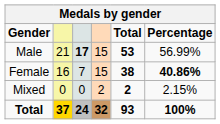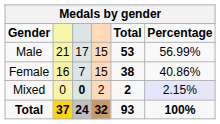 <table class=wikitable style="font-size:85%; float:right;text-align:center">
 <tr bgcolor=EFEFEF>
 <th colspan=6>Medals by gender</th>
 </tr>
 <tr>
 <td><strong>Gender</strong></td>
 <td bgcolor=F7F6A8></td>
 <td bgcolor=DCE5E5></td>
 <td bgcolor=FFDAB9></td>
 <td><strong>Total</strong></td>
 <td><strong>Percentage</strong></td>
 </tr>
 <tr>
 <td>Male</td>
 <td bgcolor=F7F6A8>21</td>
-<td bgcolor=DCE5E5><strong>17</strong></td>
+<td bgcolor=DCE5E5>17</td>
 <td bgcolor=FFDAB9>15</td>
 <td><strong>53</strong></td>
 <td>56.99%</td>
 </tr>
 <tr>
 <td>Female</td>
 <td bgcolor=F7F6A8>16</td>
 <td bgcolor=DCE5E5>7</td>
 <td bgcolor=FFDAB9>15</td>
 <td><strong>38</strong></td>
-<td><strong>40.86%</strong></td>
+<td>40.86%</td>
 </tr>
 <tr>
 <td>Mixed</td>
 <td bgcolor=F7F6A8>0</td>
-<td bgcolor=DCE5E5>0</td>
+<td bgcolor=DCE5E5><strong>0</strong></td>
 <td bgcolor=FFDAB9>2</td>
 <td><strong>2</strong></td>
-<td>2.15%</td>
+<td style="background: lavender;">2.15%</td>
 </tr>
 <tr>
 <td><strong>Total</strong></td>
 <td style="background:gold;"><strong>37</strong></td>
 <td style="background:silver;"><strong>24</strong></td>
 <td style="background:#c96;"><strong>32</strong></td>
 <td><strong>93</strong></td>
 <td><strong>100%</strong></td>
 </tr>
 </table>
